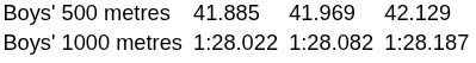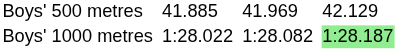 <table>
 <tr>
 <td>Boys' 500 metres<br></td>
 <td></td>
 <td>41.885</td>
 <td></td>
 <td>41.969</td>
 <td></td>
 <td>42.129</td>
 </tr>
 <tr>
 <td>Boys' 1000 metres<br></td>
 <td></td>
 <td>1:28.022</td>
 <td></td>
 <td>1:28.082</td>
 <td></td>
-<td>1:28.187</td>
+<td style="background: lightgreen;">1:28.187</td>
 </tr>
 </table>
